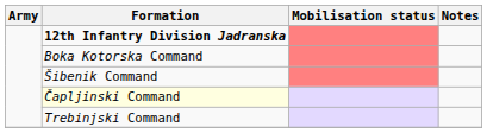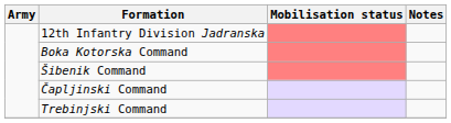 <table class="wikitable">
 <tr>
 <th scope="col">Army</th>
 <th scope="col">Formation</th>
 <th scope="col">Mobilisation status</th>
 <th scope="col">Notes</th>
 </tr>
 <tr>
 <td rowspan=5></td>
-<td><strong>12th Infantry Division <em>Jadranska</em></strong></td>
+<td>12th Infantry Division <em>Jadranska</em></td>
 <td bgcolor="FF8080"></td>
 <td></td>
 </tr>
 <tr>
 <td><em>Boka Kotorska</em> Command</td>
 <td bgcolor="FF8080"></td>
 <td></td>
 </tr>
 <tr>
 <td><em>Šibenik</em> Command</td>
 <td bgcolor="FF8080"></td>
 <td></td>
 </tr>
 <tr>
-<td style="background: lightyellow;"><em>Čapljinski</em> Command</td>
+<td><em>Čapljinski</em> Command</td>
 <td bgcolor="e3d9ff"></td>
 <td></td>
 </tr>
 <tr>
 <td><em>Trebinjski</em> Command</td>
 <td bgcolor="e3d9ff"></td>
 <td></td>
 </tr>
 <tr>
 </tr>
 </table>
